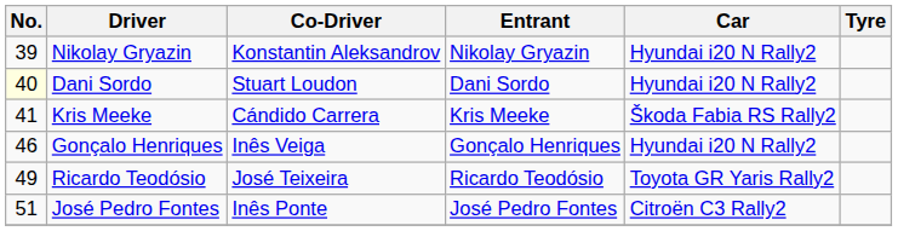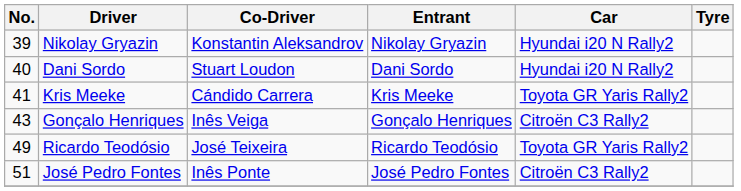 <table class="wikitable" style="font-size: 85%;">
 <tr>
 <th>No.</th>
 <th>Driver</th>
 <th>Co-Driver</th>
 <th>Entrant</th>
 <th>Car</th>
 <th>Tyre</th>
 </tr>
 <tr>
 <td align="center">39</td>
 <td> <a href='#'>Nikolay Gryazin</a></td>
 <td> <a href='#'>Konstantin Aleksandrov</a></td>
 <td> <a href='#'>Nikolay Gryazin</a></td>
 <td><a href='#'>Hyundai i20 N Rally2</a></td>
 <td align="center"></td>
 </tr>
 <tr>
-<td align="center" style="background: lightyellow;">40</td>
+<td align="center">40</td>
 <td> <a href='#'>Dani Sordo</a></td>
 <td> <a href='#'>Stuart Loudon</a></td>
 <td> <a href='#'>Dani Sordo</a></td>
 <td><a href='#'>Hyundai i20 N Rally2</a></td>
 <td align="center"></td>
 </tr>
 <tr>
 <td align="center">41</td>
 <td> <a href='#'>Kris Meeke</a></td>
 <td> <a href='#'>Cándido Carrera</a></td>
 <td> <a href='#'>Kris Meeke</a></td>
-<td><a href='#'>Škoda Fabia RS Rally2</a></td>
+<td><a href='#'>Toyota GR Yaris Rally2</a></td>
 <td align="center"></td>
 </tr>
 <tr>
-<td align="center">46</td>
+<td align="center">43</td>
 <td> <a href='#'>Gonçalo Henriques</a></td>
 <td> <a href='#'>Inês Veiga</a></td>
 <td> <a href='#'>Gonçalo Henriques</a></td>
-<td><a href='#'>Hyundai i20 N Rally2</a></td>
+<td><a href='#'>Citroën C3 Rally2</a></td>
 <td align="center"></td>
 </tr>
 <tr>
 <td align="center">49</td>
 <td> <a href='#'>Ricardo Teodósio</a></td>
 <td> <a href='#'>José Teixeira</a></td>
 <td> <a href='#'>Ricardo Teodósio</a></td>
 <td><a href='#'>Toyota GR Yaris Rally2</a></td>
 <td align="center"></td>
 </tr>
 <tr>
 <td align="center">51</td>
 <td> <a href='#'>José Pedro Fontes</a></td>
 <td> <a href='#'>Inês Ponte</a></td>
 <td> <a href='#'>José Pedro Fontes</a></td>
 <td><a href='#'>Citroën C3 Rally2</a></td>
 <td align="center"></td>
 </tr>
 <tr>
 </tr>
 </table>
